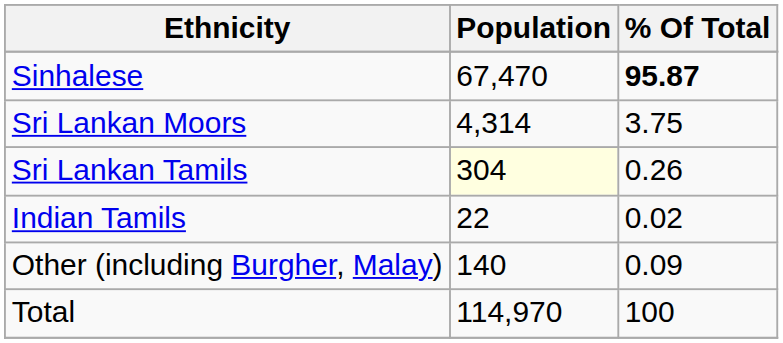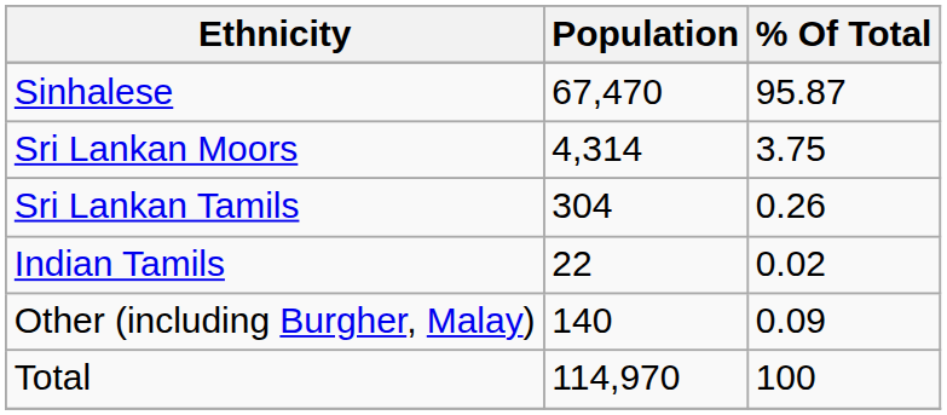 <table class="wikitable">
 <tr>
 <th>Ethnicity</th>
 <th>Population</th>
 <th>% Of Total</th>
 </tr>
 <tr>
 </tr>
 <tr>
 <td><a href='#'>Sinhalese</a></td>
 <td>67,470</td>
-<td><strong>95.87</strong></td>
+<td>95.87</td>
 </tr>
 <tr>
 <td><a href='#'>Sri Lankan Moors</a></td>
 <td>4,314</td>
 <td>3.75</td>
 </tr>
 <tr>
 <td><a href='#'>Sri Lankan Tamils</a></td>
-<td style="background: lightyellow;">304</td>
+<td>304</td>
 <td>0.26</td>
 </tr>
 <tr>
 <td><a href='#'>Indian Tamils</a></td>
 <td>22</td>
 <td>0.02</td>
 </tr>
 <tr>
 <td>Other (including <a href='#'>Burgher</a>, <a href='#'>Malay</a>)</td>
 <td>140</td>
 <td>0.09</td>
 </tr>
 <tr>
 <td>Total</td>
 <td>114,970</td>
 <td>100</td>
 </tr>
 <tr>
 </tr>
 </table>
